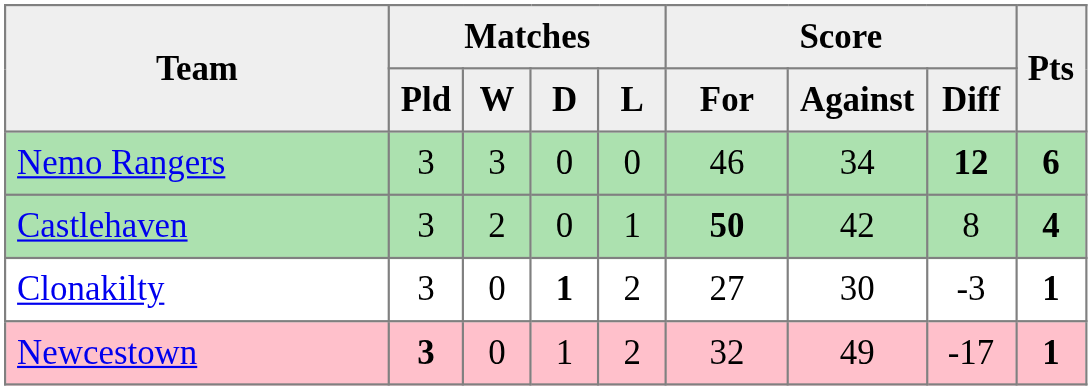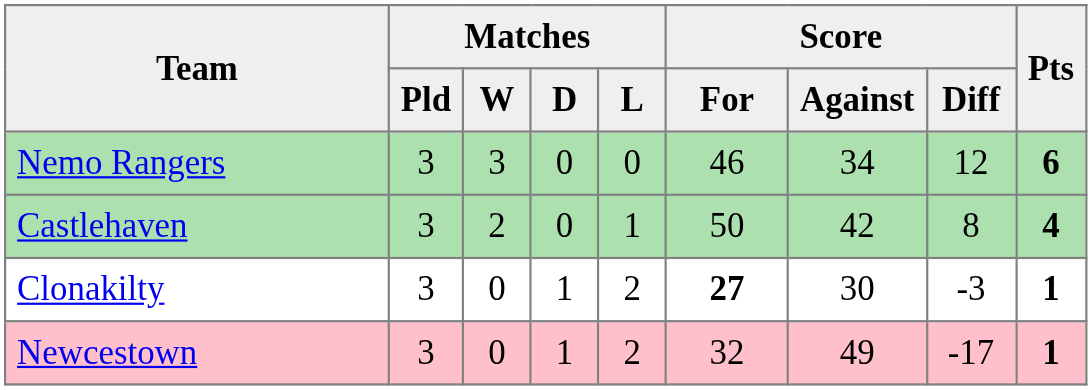 <table style=border-collapse:collapse border=1 cellspacing=0 cellpadding=5>
 <tr align=center bgcolor=#efefef>
 <th rowspan=2 width=165>Team</th>
 <th colspan=4>Matches</th>
 <th colspan=3>Score</th>
 <th rowspan=2width=20>Pts</th>
 </tr>
 <tr align=center bgcolor=#efefef>
 <th width=20>Pld</th>
 <th width=20>W</th>
 <th width=20>D</th>
 <th width=20>L</th>
 <th width=45>For</th>
 <th width=45>Against</th>
 <th width=30>Diff</th>
 </tr>
 <tr align=center style="background:#ACE1AF;">
 <td style="text-align:left;"><a href='#'>Nemo Rangers</a></td>
 <td>3</td>
 <td>3</td>
 <td>0</td>
 <td>0</td>
 <td>46</td>
 <td>34</td>
-<td><strong>12</strong></td>
+<td>12</td>
 <td><strong>6</strong></td>
 </tr>
 <tr align=center style="background:#ACE1AF;">
 <td style="text-align:left;"><a href='#'>Castlehaven</a></td>
 <td>3</td>
 <td>2</td>
 <td>0</td>
 <td>1</td>
-<td><strong>50</strong></td>
+<td>50</td>
 <td>42</td>
 <td>8</td>
 <td><strong>4</strong></td>
 </tr>
 <tr align=center>
 <td style="text-align:left;"><a href='#'>Clonakilty</a></td>
 <td>3</td>
 <td>0</td>
-<td><strong>1</strong></td>
+<td>1</td>
 <td>2</td>
-<td>27</td>
+<td><strong>27</strong></td>
 <td>30</td>
 <td>-3</td>
 <td><strong>1</strong></td>
 </tr>
 <tr align=center style="background:#FFC0CB;">
 <td style="text-align:left;"><a href='#'>Newcestown</a></td>
-<td><strong>3</strong></td>
+<td>3</td>
 <td>0</td>
 <td>1</td>
 <td>2</td>
 <td>32</td>
 <td>49</td>
 <td>-17</td>
 <td><strong>1</strong></td>
 </tr>
 </table>
